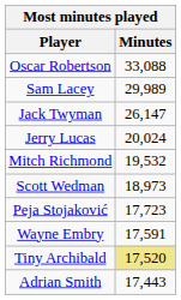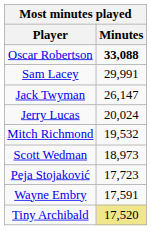 <table class="wikitable sortable" style="text-align:center">
 <tr>
 <th colspan="2" style="text-align:center; ">Most minutes played</th>
 </tr>
 <tr>
 <th style="text-align:center; ">Player</th>
 <th style="text-align:center; ">Minutes</th>
 </tr>
 <tr>
 <td><a href='#'>Oscar Robertson</a></td>
-<td>33,088</td>
+<td><strong>33,088</strong></td>
 </tr>
 <tr>
 <td><a href='#'>Sam Lacey</a></td>
-<td>29,989</td>
+<td>29,991</td>
 </tr>
 <tr>
 <td><a href='#'>Jack Twyman</a></td>
 <td>26,147</td>
 </tr>
 <tr>
 <td><a href='#'>Jerry Lucas</a></td>
 <td>20,024</td>
 </tr>
 <tr>
 <td><a href='#'>Mitch Richmond</a></td>
 <td>19,532</td>
 </tr>
 <tr>
 <td><a href='#'>Scott Wedman</a></td>
 <td>18,973</td>
 </tr>
 <tr>
 <td><a href='#'>Peja Stojaković</a></td>
 <td>17,723</td>
 </tr>
 <tr>
 <td><a href='#'>Wayne Embry</a></td>
 <td>17,591</td>
 </tr>
 <tr>
 <td><a href='#'>Tiny Archibald</a></td>
 <td style="background: khaki;">17,520</td>
 </tr>
-<tr>
-<td><a href='#'>Adrian Smith</a></td>
-<td>17,443</td>
-</tr>
 </table>
